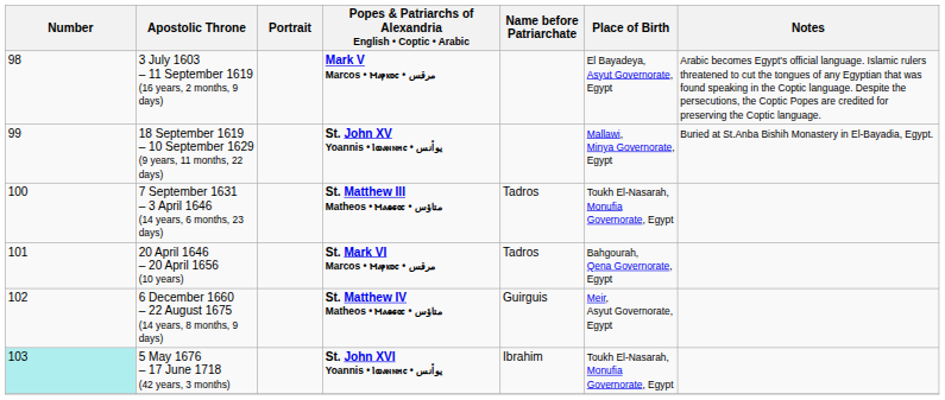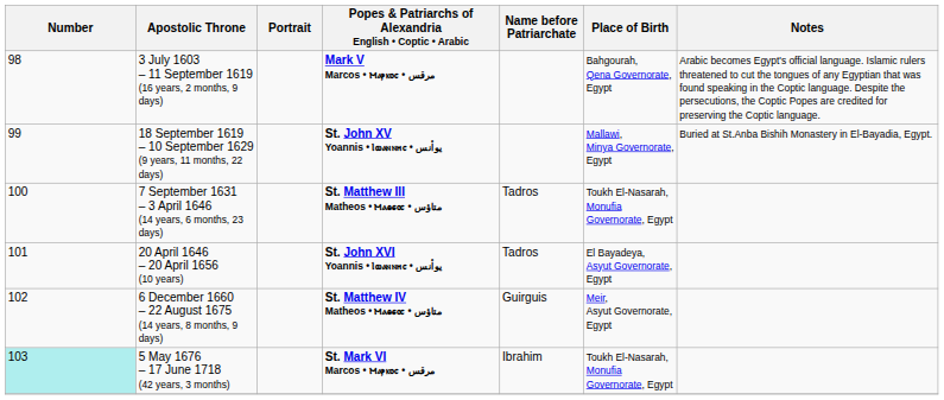 <table class="wikitable">
 <tr>
 <th>Number</th>
 <th style="width:13%;">Apostolic Throne</th>
 <th style="width:7%;">Portrait</th>
 <th style="width:19%;">Popes & Patriarchs of Alexandria<br><small>English • Coptic • Arabic</small></th>
 <th style="width:9%;">Name before Patriarchate</th>
 <th style="width:10%;">Place of Birth</th>
 <th style="width:28%;">Notes</th>
 </tr>
 <tr valign="top">
 <td>98</td>
 <td>3 July 1603<br>– 11 September 1619<br><small>(16 years, 2 months, 9 days)</small></td>
 <td></td>
 <td><strong><a href='#'>Mark V</a></strong><br><small><strong>Marcos • Ⲙⲁⲣⲕⲟⲥ • مرقس</strong></small></td>
 <td></td>
-<td><small>El Bayadeya, <br><a href='#'>Asyut Governorate</a>, Egypt</small></td>
+<td><small>Bahgourah,<br> <a href='#'>Qena Governorate</a>, Egypt</small></td>
 <td><small>Arabic becomes Egypt's official language. Islamic rulers threatened to cut the tongues of any Egyptian that was found speaking in the Coptic language. Despite the persecutions, the Coptic Popes are credited for preserving the Coptic language.</small></td>
 </tr>
 <tr valign="top">
 <td>99</td>
 <td>18 September 1619<br>– 10 September 1629<br><small>(9 years, 11 months, 22 days)</small></td>
 <td></td>
 <td><strong>St. <a href='#'>John XV</a></strong><br><small><strong>Yoannis • Ⲓⲱⲁⲛⲛⲏⲥ • يوأنس</strong></small></td>
 <td></td>
 <td><small><a href='#'>Mallawi</a>,<br><a href='#'>Minya Governorate</a>, Egypt</small></td>
 <td><small> Buried at St.Anba Bishih Monastery in El-Bayadia, Egypt.</small></td>
 </tr>
 <tr valign="top">
 <td>100</td>
 <td>7 September 1631<br>– 3 April 1646<br><small>(14 years, 6 months, 23 days)</small></td>
 <td></td>
 <td><strong>St. <a href='#'>Matthew III</a></strong><br><small><strong>Matheos • Ⲙⲁⲑⲉⲟⲥ • متاؤس</strong></small></td>
 <td>Tadros</td>
 <td><small>Toukh El-Nasarah, <a href='#'>Monufia Governorate</a>, Egypt</small></td>
 <td><small></small></td>
 </tr>
 <tr valign="top">
 <td>101</td>
 <td>20 April 1646<br>– 20 April 1656<br><small>(10 years)</small></td>
 <td></td>
-<td><strong>St. <a href='#'>Mark VI</a></strong><br><small><strong>Marcos • Ⲙⲁⲣⲕⲟⲥ • مرقس</strong></small></td>
+<td><strong>St. <a href='#'>John XVI</a></strong><br><small><strong>Yoannis • Ⲓⲱⲁⲛⲛⲏⲥ • يوأنس</strong></small></td>
 <td>Tadros</td>
-<td><small>Bahgourah,<br> <a href='#'>Qena Governorate</a>, Egypt</small></td>
+<td><small>El Bayadeya, <br><a href='#'>Asyut Governorate</a>, Egypt</small></td>
 <td><small></small></td>
 </tr>
 <tr valign="top">
 <td>102</td>
 <td>6 December 1660<br>– 22 August 1675<br><small>(14 years, 8 months, 9 days)</small></td>
 <td></td>
 <td><strong>St. <a href='#'>Matthew IV</a></strong><br><small><strong>Matheos • Ⲙⲁⲑⲉⲟⲥ • متاؤس</strong></small></td>
 <td>Guirguis</td>
 <td><small><a href='#'>Meir</a>,<br> Asyut Governorate, Egypt</small></td>
 <td><small></small></td>
 </tr>
 <tr valign="top">
 <td style="background: paleturquoise;">103</td>
 <td>5 May 1676<br>– 17 June 1718<br><small>(42 years, 3 months)</small></td>
 <td></td>
-<td><strong>St. <a href='#'>John XVI</a></strong><br><small><strong>Yoannis • Ⲓⲱⲁⲛⲛⲏⲥ • يوأنس</strong></small></td>
+<td><strong>St. <a href='#'>Mark VI</a></strong><br><small><strong>Marcos • Ⲙⲁⲣⲕⲟⲥ • مرقس</strong></small></td>
 <td>Ibrahim</td>
 <td><small>Toukh El-Nasarah, <a href='#'>Monufia Governorate</a>, Egypt</small></td>
 <td><small></small></td>
 </tr>
 <tr valign="top">
 </tr>
 </table>
